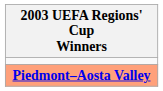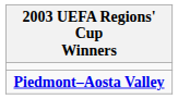 <table class="wikitable" style="text-align: center; margin: 0 auto; width: 20%">
 <tr>
 <th>2003 UEFA Regions' Cup<br>Winners</th>
 </tr>
 <tr>
 <td>  </td>
 </tr>
 <tr>
-<td style="background: lightsalmon;"><strong><a href='#'>Piedmont–Aosta Valley</a></strong></td>
+<td><strong><a href='#'>Piedmont–Aosta Valley</a></strong></td>
 </tr>
 </table>
